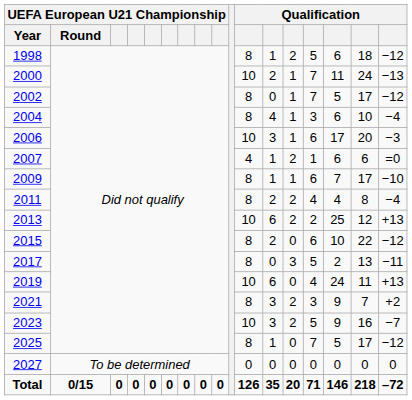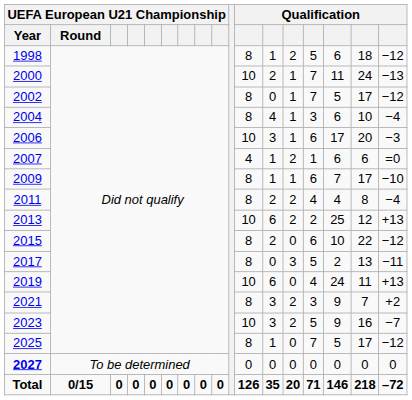 <table class="wikitable" style="text-align:center">
 <tr>
 <th colspan=9>UEFA European U21 Championship</th>
 <th rowspan=19></th>
 <th colspan=7>Qualification</th>
 </tr>
 <tr>
 <th>Year</th>
 <th>Round</th>
 <th></th>
 <th></th>
 <th></th>
 <th></th>
 <th></th>
 <th></th>
 <th></th>
 <th></th>
 <th></th>
 <th></th>
 <th></th>
 <th></th>
 <th></th>
 <th></th>
 </tr>
 <tr>
 <td> <a href='#'>1998</a></td>
 <td rowspan=15 colspan=9><em>Did not qualify</em></td>
 <td>8</td>
 <td>1</td>
 <td>2</td>
 <td>5</td>
 <td>6</td>
 <td>18</td>
 <td>−12</td>
 </tr>
 <tr>
 <td> <a href='#'>2000</a></td>
 <td>10</td>
 <td>2</td>
 <td>1</td>
 <td>7</td>
 <td>11</td>
 <td>24</td>
 <td>−13</td>
 </tr>
 <tr>
 <td> <a href='#'>2002</a></td>
 <td>8</td>
 <td>0</td>
 <td>1</td>
 <td>7</td>
 <td>5</td>
 <td>17</td>
 <td>−12</td>
 </tr>
 <tr>
 <td> <a href='#'>2004</a></td>
 <td>8</td>
 <td>4</td>
 <td>1</td>
 <td>3</td>
 <td>6</td>
 <td>10</td>
 <td>−4</td>
 </tr>
 <tr>
 <td> <a href='#'>2006</a></td>
 <td>10</td>
 <td>3</td>
 <td>1</td>
 <td>6</td>
 <td>17</td>
 <td>20</td>
 <td>−3</td>
 </tr>
 <tr>
 <td> <a href='#'>2007</a></td>
 <td>4</td>
 <td>1</td>
 <td>2</td>
 <td>1</td>
 <td>6</td>
 <td>6</td>
 <td>=0</td>
 </tr>
 <tr>
 <td> <a href='#'>2009</a></td>
 <td>8</td>
 <td>1</td>
 <td>1</td>
 <td>6</td>
 <td>7</td>
 <td>17</td>
 <td>−10</td>
 </tr>
 <tr>
 <td> <a href='#'>2011</a></td>
 <td>8</td>
 <td>2</td>
 <td>2</td>
 <td>4</td>
 <td>4</td>
 <td>8</td>
 <td>−4</td>
 </tr>
 <tr>
 <td> <a href='#'>2013</a></td>
 <td>10</td>
 <td>6</td>
 <td>2</td>
 <td>2</td>
 <td>25</td>
 <td>12</td>
 <td>+13</td>
 </tr>
 <tr>
 <td> <a href='#'>2015</a></td>
 <td>8</td>
 <td>2</td>
 <td>0</td>
 <td>6</td>
 <td>10</td>
 <td>22</td>
 <td>−12</td>
 </tr>
 <tr>
 <td> <a href='#'>2017</a></td>
 <td>8</td>
 <td>0</td>
 <td>3</td>
 <td>5</td>
 <td>2</td>
 <td>13</td>
 <td>−11</td>
 </tr>
 <tr>
 <td> <a href='#'>2019</a></td>
 <td>10</td>
 <td>6</td>
 <td>0</td>
 <td>4</td>
 <td>24</td>
 <td>11</td>
 <td>+13</td>
 </tr>
 <tr>
 <td> <a href='#'>2021</a></td>
 <td>8</td>
 <td>3</td>
 <td>2</td>
 <td>3</td>
 <td>9</td>
 <td>7</td>
 <td>+2</td>
 </tr>
 <tr>
 <td> <a href='#'>2023</a></td>
 <td>10</td>
 <td>3</td>
 <td>2</td>
 <td>5</td>
 <td>9</td>
 <td>16</td>
 <td>−7</td>
 </tr>
 <tr>
 <td> <a href='#'>2025</a></td>
 <td>8</td>
 <td>1</td>
 <td>0</td>
 <td>7</td>
 <td>5</td>
 <td>17</td>
 <td>−12</td>
 </tr>
 <tr>
-<td> <a href='#'>2027</a></td>
+<td><strong> <a href='#'>2027</a></strong></td>
 <td colspan=8><em>To be determined</em></td>
 <td>0</td>
 <td>0</td>
 <td>0</td>
 <td>0</td>
 <td>0</td>
 <td>0</td>
 <td>0</td>
 </tr>
 <tr>
 <td><strong>Total</strong></td>
 <td><strong>0/15</strong></td>
 <td><strong>0</strong></td>
 <td><strong>0</strong></td>
 <td><strong>0</strong></td>
 <td><strong>0</strong></td>
 <td><strong>0</strong></td>
 <td><strong>0</strong></td>
 <td><strong>0</strong></td>
 <td><strong>126</strong></td>
 <td><strong>35</strong></td>
 <td><strong>20</strong></td>
 <td><strong>71</strong></td>
 <td><strong>146</strong></td>
 <td><strong>218</strong></td>
 <td><strong>–72</strong></td>
 </tr>
 </table>
